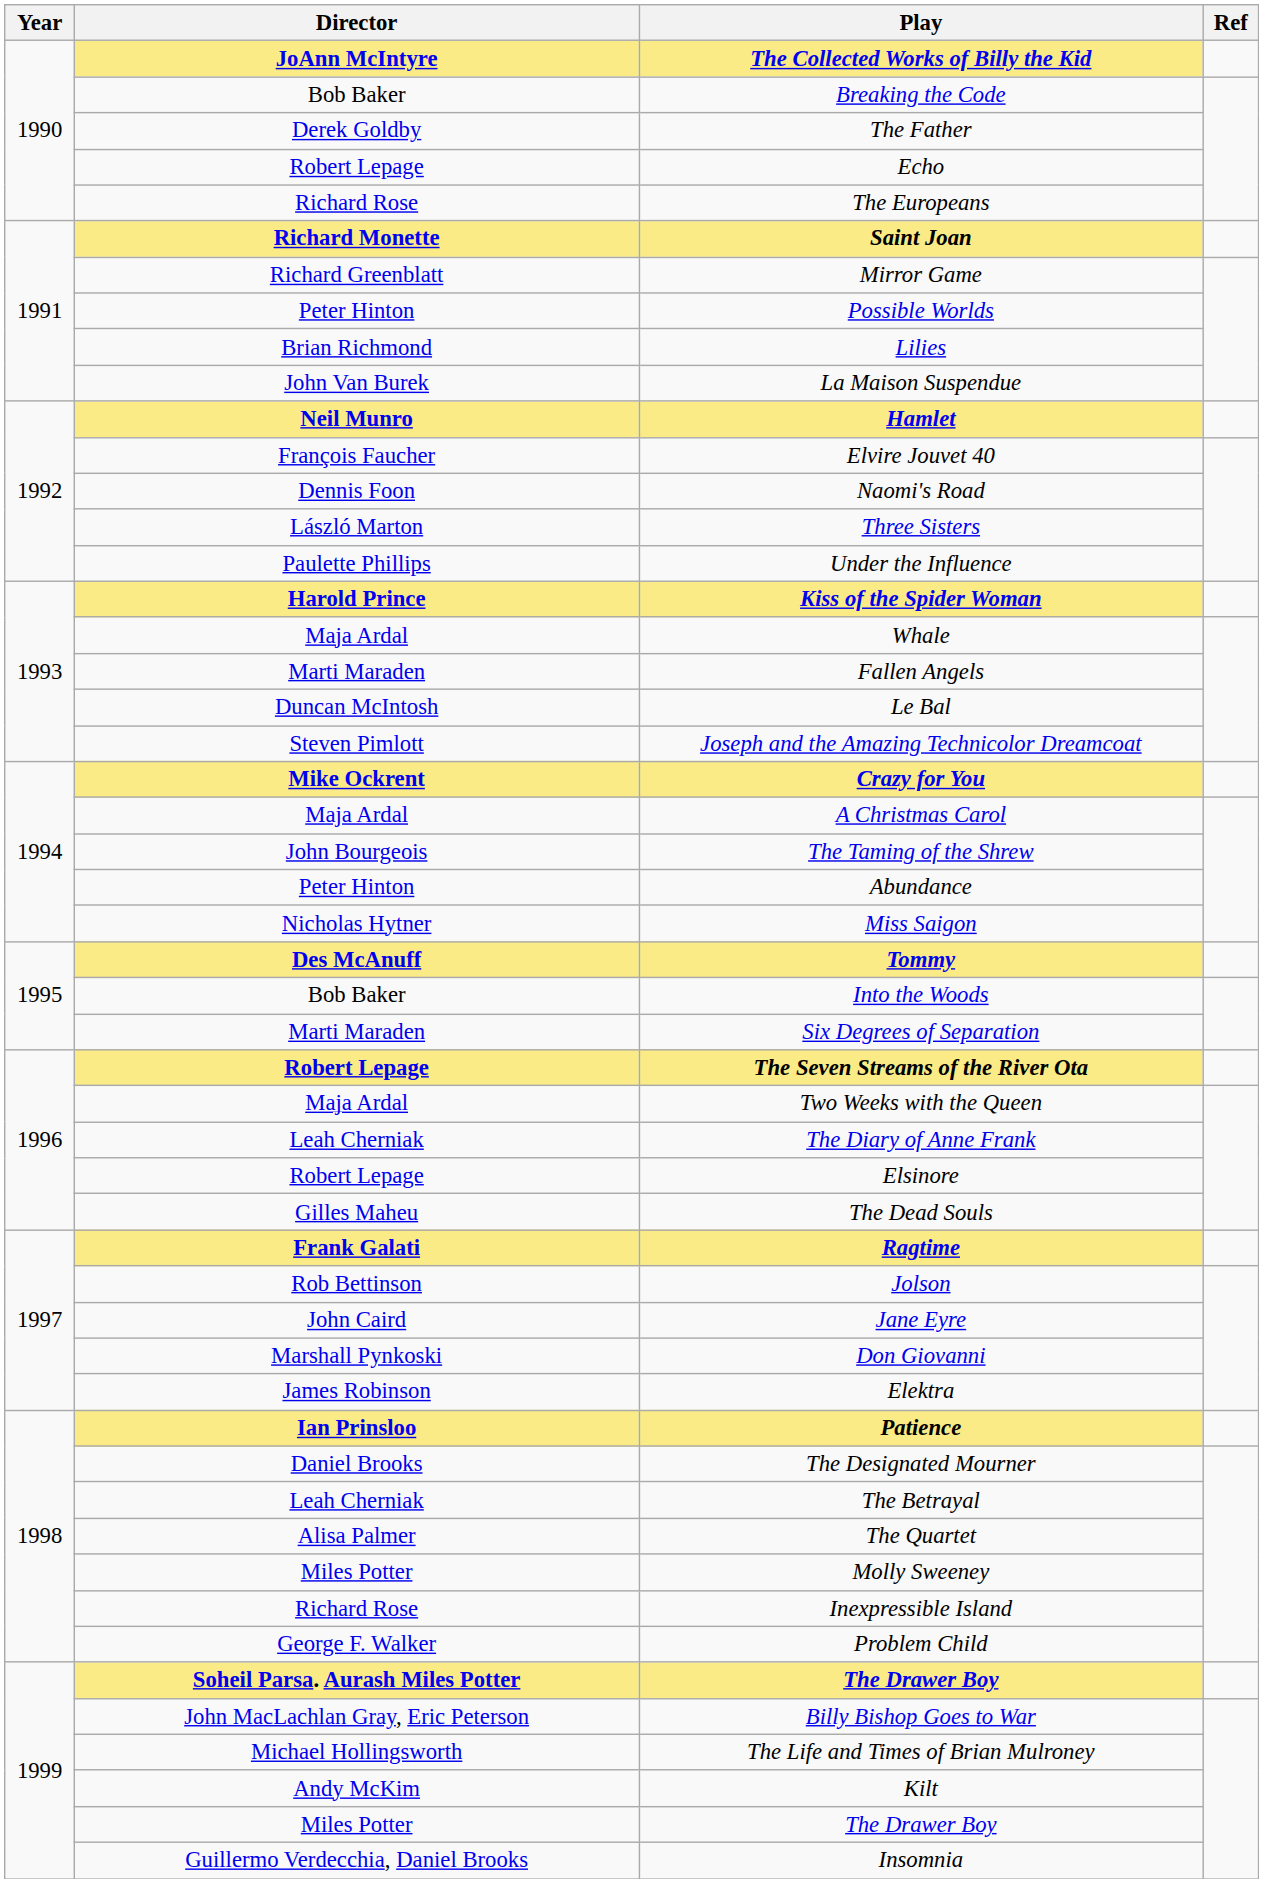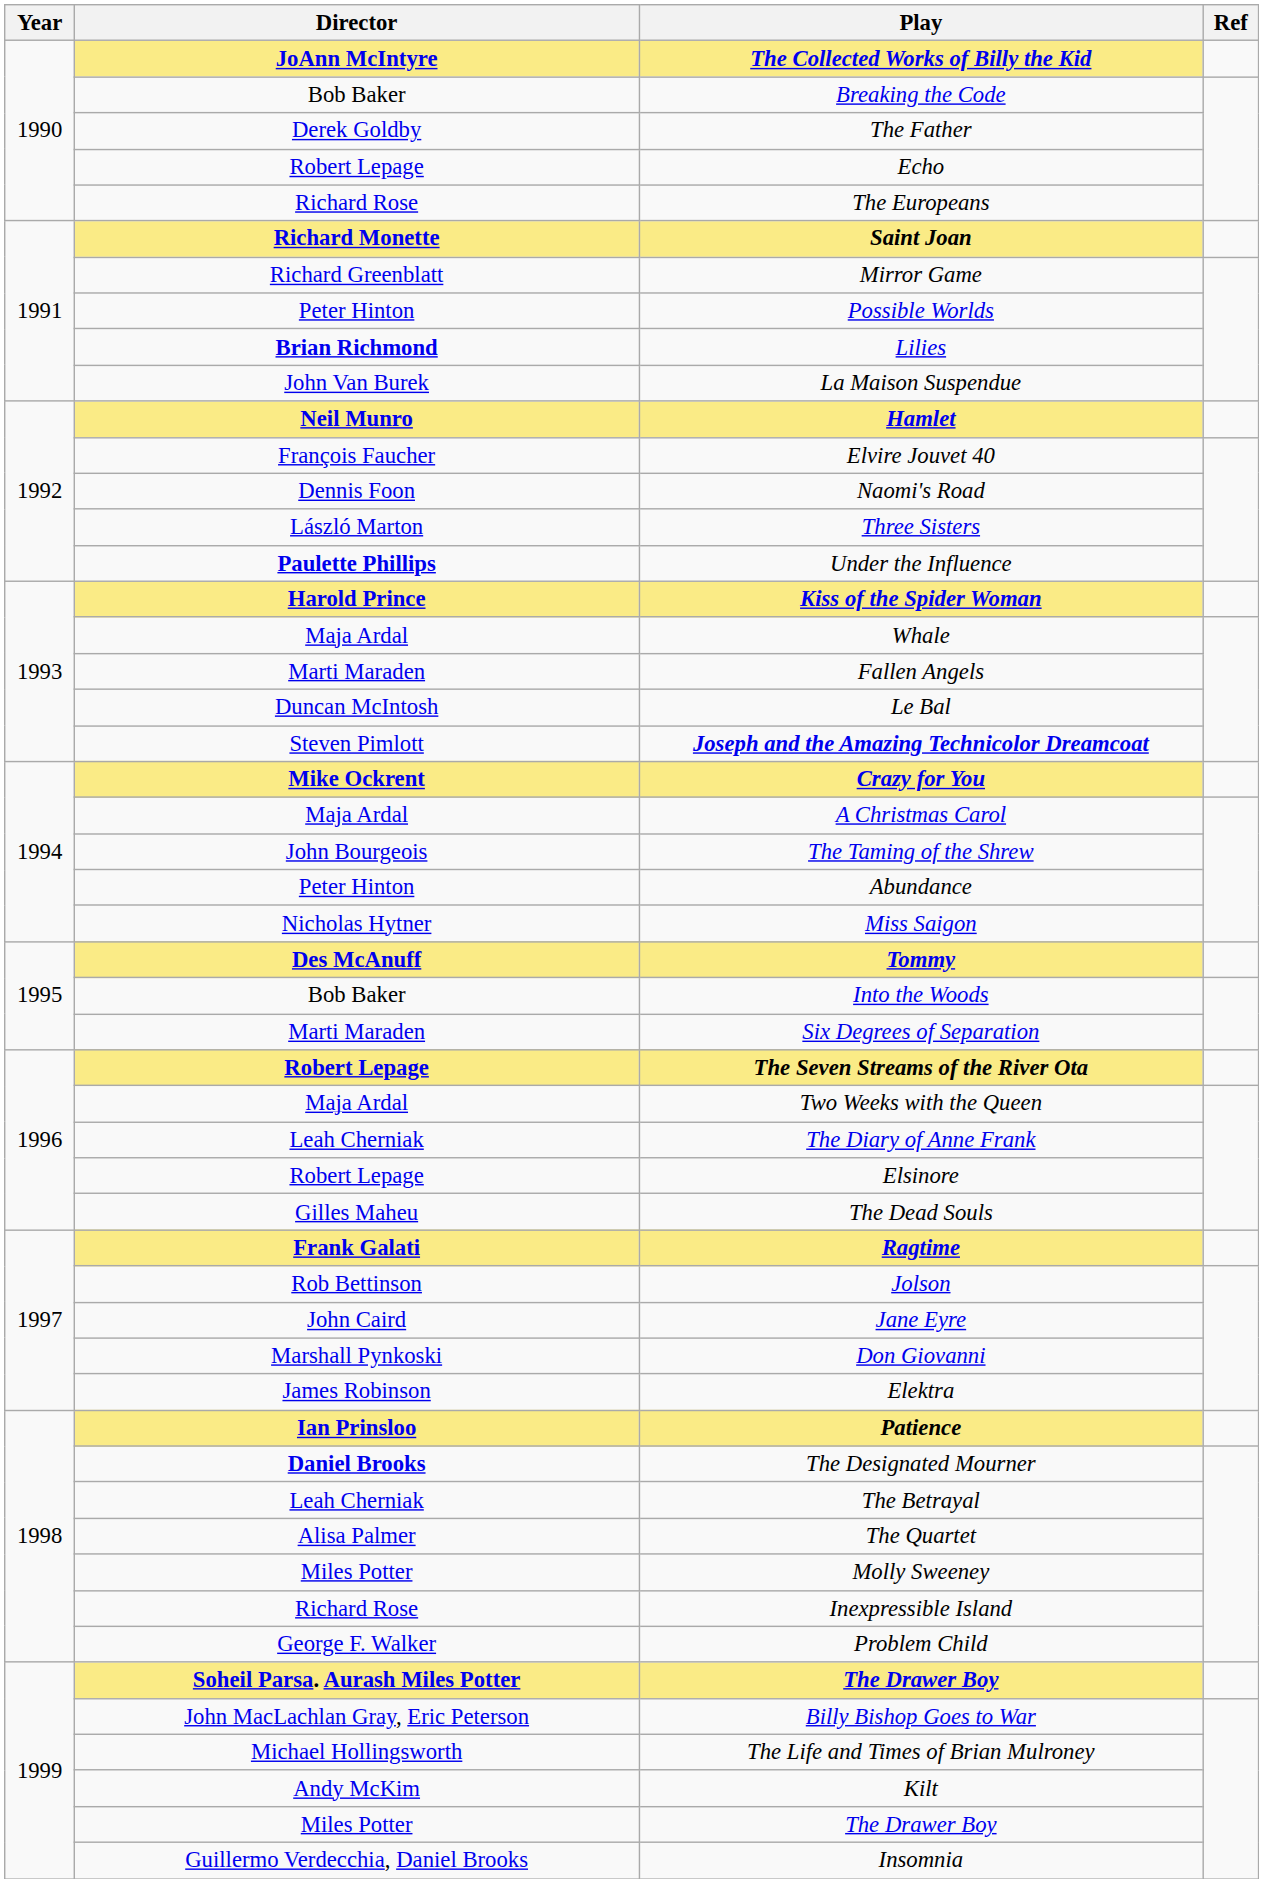 <table class="wikitable" width="100%" style="text-align:center;">
 <tr>
 <th>Year</th>
 <th width="45%">Director</th>
 <th width="45%">Play</th>
 <th>Ref</th>
 </tr>
 <tr>
 <td rowspan=5>1990</td>
 <td style="background:#FAEB86"><strong><a href='#'>JoAnn McIntyre</a></strong></td>
 <td style="background:#FAEB86"><strong><em><a href='#'>The Collected Works of Billy the Kid</a></em></strong></td>
 <td></td>
 </tr>
 <tr>
 <td>Bob Baker</td>
 <td><em><a href='#'>Breaking the Code</a></em></td>
 <td rowspan=4></td>
 </tr>
 <tr>
 <td><a href='#'>Derek Goldby</a></td>
 <td><em>The Father</em></td>
 </tr>
 <tr>
 <td><a href='#'>Robert Lepage</a></td>
 <td><em>Echo</em></td>
 </tr>
 <tr>
 <td><a href='#'>Richard Rose</a></td>
 <td><em>The Europeans</em></td>
 </tr>
 <tr>
 <td rowspan=5>1991</td>
 <td style="background:#FAEB86"><strong><a href='#'>Richard Monette</a></strong></td>
 <td style="background:#FAEB86"><strong><em>Saint Joan</em></strong></td>
 <td></td>
 </tr>
 <tr>
 <td><a href='#'>Richard Greenblatt</a></td>
 <td><em>Mirror Game</em></td>
 <td rowspan=4></td>
 </tr>
 <tr>
 <td><a href='#'>Peter Hinton</a></td>
 <td><em><a href='#'>Possible Worlds</a></em></td>
 </tr>
 <tr>
-<td><a href='#'>Brian Richmond</a></td>
+<td><strong><a href='#'>Brian Richmond</a></strong></td>
 <td><em><a href='#'>Lilies</a></em></td>
 </tr>
 <tr>
 <td><a href='#'>John Van Burek</a></td>
 <td><em>La Maison Suspendue</em></td>
 </tr>
 <tr>
 <td rowspan=5>1992</td>
 <td style="background:#FAEB86"><strong><a href='#'>Neil Munro</a></strong></td>
 <td style="background:#FAEB86"><strong><em><a href='#'>Hamlet</a></em></strong></td>
 <td></td>
 </tr>
 <tr>
 <td><a href='#'>François Faucher</a></td>
 <td><em>Elvire Jouvet 40</em></td>
 <td rowspan=4></td>
 </tr>
 <tr>
 <td><a href='#'>Dennis Foon</a></td>
 <td><em>Naomi's Road</em></td>
 </tr>
 <tr>
 <td><a href='#'>László Marton</a></td>
 <td><em><a href='#'>Three Sisters</a></em></td>
 </tr>
 <tr>
-<td><a href='#'>Paulette Phillips</a></td>
+<td><strong><a href='#'>Paulette Phillips</a></strong></td>
 <td><em>Under the Influence</em></td>
 </tr>
 <tr>
 <td rowspan=5>1993</td>
 <td style="background:#FAEB86"><strong><a href='#'>Harold Prince</a></strong></td>
 <td style="background:#FAEB86"><strong><em><a href='#'>Kiss of the Spider Woman</a></em></strong></td>
 <td></td>
 </tr>
 <tr>
 <td><a href='#'>Maja Ardal</a></td>
 <td><em>Whale</em></td>
 <td rowspan=4></td>
 </tr>
 <tr>
 <td><a href='#'>Marti Maraden</a></td>
 <td><em>Fallen Angels</em></td>
 </tr>
 <tr>
 <td><a href='#'>Duncan McIntosh</a></td>
 <td><em>Le Bal</em></td>
 </tr>
 <tr>
 <td><a href='#'>Steven Pimlott</a></td>
-<td><em><a href='#'>Joseph and the Amazing Technicolor Dreamcoat</a></em></td>
+<td><strong><em><a href='#'>Joseph and the Amazing Technicolor Dreamcoat</a></em></strong></td>
 </tr>
 <tr>
 <td rowspan=5>1994</td>
 <td style="background:#FAEB86"><strong><a href='#'>Mike Ockrent</a></strong></td>
 <td style="background:#FAEB86"><strong><em><a href='#'>Crazy for You</a></em></strong></td>
 <td></td>
 </tr>
 <tr>
 <td><a href='#'>Maja Ardal</a></td>
 <td><em><a href='#'>A Christmas Carol</a></em></td>
 <td rowspan=4></td>
 </tr>
 <tr>
 <td><a href='#'>John Bourgeois</a></td>
 <td><em><a href='#'>The Taming of the Shrew</a></em></td>
 </tr>
 <tr>
 <td><a href='#'>Peter Hinton</a></td>
 <td><em>Abundance</em></td>
 </tr>
 <tr>
 <td><a href='#'>Nicholas Hytner</a></td>
 <td><em><a href='#'>Miss Saigon</a></em></td>
 </tr>
 <tr>
 <td rowspan=3>1995</td>
 <td style="background:#FAEB86"><strong><a href='#'>Des McAnuff</a></strong></td>
 <td style="background:#FAEB86"><strong><em><a href='#'>Tommy</a></em></strong></td>
 <td></td>
 </tr>
 <tr>
 <td>Bob Baker</td>
 <td><em><a href='#'>Into the Woods</a></em></td>
 <td rowspan=2></td>
 </tr>
 <tr>
 <td><a href='#'>Marti Maraden</a></td>
 <td><em><a href='#'>Six Degrees of Separation</a></em></td>
 </tr>
 <tr>
 <td rowspan=5>1996</td>
 <td style="background:#FAEB86"><strong><a href='#'>Robert Lepage</a></strong></td>
 <td style="background:#FAEB86"><strong><em>The Seven Streams of the River Ota</em></strong></td>
 <td></td>
 </tr>
 <tr>
 <td><a href='#'>Maja Ardal</a></td>
 <td><em>Two Weeks with the Queen</em></td>
 <td rowspan=4></td>
 </tr>
 <tr>
 <td><a href='#'>Leah Cherniak</a></td>
 <td><em><a href='#'>The Diary of Anne Frank</a></em></td>
 </tr>
 <tr>
 <td><a href='#'>Robert Lepage</a></td>
 <td><em>Elsinore</em></td>
 </tr>
 <tr>
 <td><a href='#'>Gilles Maheu</a></td>
 <td><em>The Dead Souls</em></td>
 </tr>
 <tr>
 <td rowspan=5>1997</td>
 <td style="background:#FAEB86"><strong><a href='#'>Frank Galati</a></strong></td>
 <td style="background:#FAEB86"><strong><em><a href='#'>Ragtime</a></em></strong></td>
 <td></td>
 </tr>
 <tr>
 <td><a href='#'>Rob Bettinson</a></td>
 <td><em><a href='#'>Jolson</a></em></td>
 <td rowspan=4></td>
 </tr>
 <tr>
 <td><a href='#'>John Caird</a></td>
 <td><em><a href='#'>Jane Eyre</a></em></td>
 </tr>
 <tr>
 <td><a href='#'>Marshall Pynkoski</a></td>
 <td><em><a href='#'>Don Giovanni</a></em></td>
 </tr>
 <tr>
 <td><a href='#'>James Robinson</a></td>
 <td><em>Elektra</em></td>
 </tr>
 <tr>
 <td rowspan=7>1998</td>
 <td style="background:#FAEB86"><strong><a href='#'>Ian Prinsloo</a></strong></td>
 <td style="background:#FAEB86"><strong><em>Patience</em></strong></td>
 <td></td>
 </tr>
 <tr>
-<td><a href='#'>Daniel Brooks</a></td>
+<td><strong><a href='#'>Daniel Brooks</a></strong></td>
 <td><em>The Designated Mourner</em></td>
 <td rowspan=6></td>
 </tr>
 <tr>
 <td><a href='#'>Leah Cherniak</a></td>
 <td><em>The Betrayal</em></td>
 </tr>
 <tr>
 <td><a href='#'>Alisa Palmer</a></td>
 <td><em>The Quartet</em></td>
 </tr>
 <tr>
 <td><a href='#'>Miles Potter</a></td>
 <td><em>Molly Sweeney</em></td>
 </tr>
 <tr>
 <td><a href='#'>Richard Rose</a></td>
 <td><em>Inexpressible Island</em></td>
 </tr>
 <tr>
 <td><a href='#'>George F. Walker</a></td>
 <td><em>Problem Child</em></td>
 </tr>
 <tr>
 <td rowspan=6>1999</td>
 <td style="background:#FAEB86"><strong><a href='#'>Soheil Parsa</a>. <a href='#'>Aurash Miles Potter</a></strong></td>
 <td style="background:#FAEB86"><strong><em><a href='#'>The Drawer Boy</a></em></strong></td>
 <td></td>
 </tr>
 <tr>
 <td><a href='#'>John MacLachlan Gray</a>, <a href='#'>Eric Peterson</a></td>
 <td><em><a href='#'>Billy Bishop Goes to War</a></em></td>
 <td rowspan=5></td>
 </tr>
 <tr>
 <td><a href='#'>Michael Hollingsworth</a></td>
 <td><em>The Life and Times of Brian Mulroney</em></td>
 </tr>
 <tr>
 <td><a href='#'>Andy McKim</a></td>
 <td><em>Kilt</em></td>
 </tr>
 <tr>
 <td><a href='#'>Miles Potter</a></td>
 <td><em><a href='#'>The Drawer Boy</a></em></td>
 </tr>
 <tr>
 <td><a href='#'>Guillermo Verdecchia</a>, <a href='#'>Daniel Brooks</a></td>
 <td><em>Insomnia</em></td>
 </tr>
 </table>
